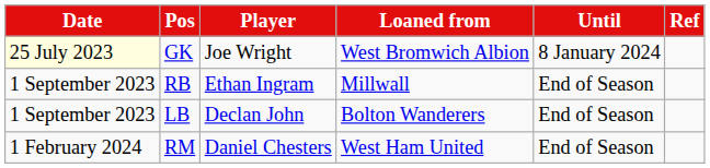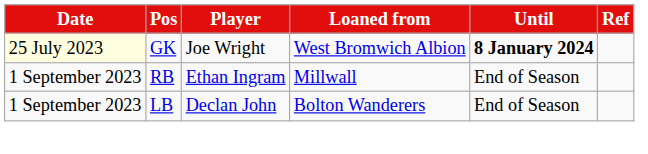 <table class="wikitable plainrowheaders sortable">
 <tr>
 <th style="background:#e20e0e;color:white;">Date</th>
 <th style="background:#e20e0e;color:white;">Pos</th>
 <th style="background:#e20e0e;color:white;">Player</th>
 <th style="background:#e20e0e;color:white;">Loaned from</th>
 <th style="background:#e20e0e;color:white;">Until</th>
 <th style="background:#e20e0e;color:white;">Ref</th>
 </tr>
 <tr>
 <td style="background: lightyellow;">25 July 2023</td>
 <td><a href='#'>GK</a></td>
 <td> Joe Wright</td>
 <td> <a href='#'>West Bromwich Albion</a></td>
-<td>8 January 2024</td>
+<td><strong>8 January 2024</strong></td>
 <td></td>
 </tr>
 <tr>
 <td>1 September 2023</td>
 <td><a href='#'>RB</a></td>
 <td> <a href='#'>Ethan Ingram</a></td>
 <td> <a href='#'>Millwall</a></td>
 <td>End of Season</td>
 <td></td>
 </tr>
 <tr>
 <td>1 September 2023</td>
 <td><a href='#'>LB</a></td>
 <td> <a href='#'>Declan John</a></td>
 <td> <a href='#'>Bolton Wanderers</a></td>
 <td>End of Season</td>
 <td></td>
 </tr>
-<tr>
-<td>1 February 2024</td>
-<td><a href='#'>RM</a></td>
-<td> <a href='#'>Daniel Chesters</a></td>
-<td> <a href='#'>West Ham United</a></td>
-<td>End of Season</td>
-<td></td>
-</tr>
 </table>
